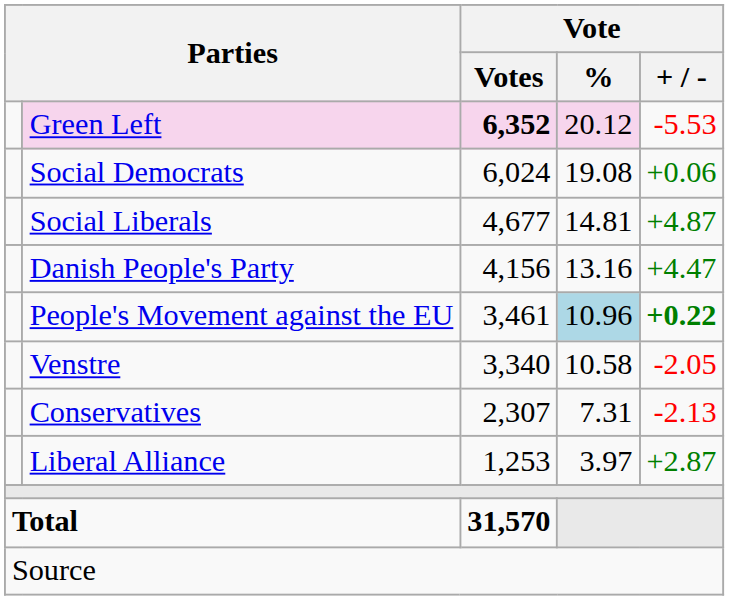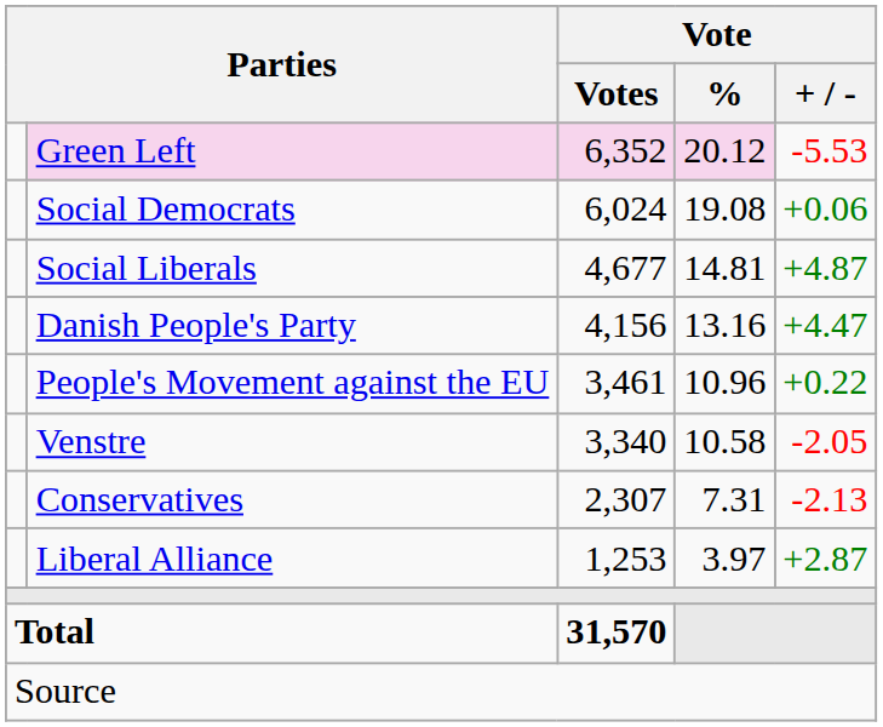 <table class="wikitable" style="text-align:right;">
 <tr>
 <th style="text-align:centre;" rowspan="2" colspan="2" width="225">Parties</th>
 <th colspan="3">Vote</th>
 </tr>
 <tr>
 <th width="15">Votes</th>
 <th width="15">%</th>
 <th width="15">+ / -</th>
 </tr>
 <tr>
 <td width="2" style="color:inherit;background:"></td>
 <td bgcolor=#f7d5ed   align="left"><a href='#'>Green Left</a></td>
-<td bgcolor=#f7d5ed><strong>6,352</strong></td>
+<td bgcolor=#f7d5ed>6,352</td>
 <td bgcolor=#f7d5ed>20.12</td>
 <td style=color:red;>-5.53</td>
 </tr>
 <tr>
 <td width="2" style="color:inherit;background:"></td>
 <td align="left"><a href='#'>Social Democrats</a></td>
 <td>6,024</td>
 <td>19.08</td>
 <td style=color:green;>+0.06</td>
 </tr>
 <tr>
 <td width="2" style="color:inherit;background:"></td>
 <td align="left"><a href='#'>Social Liberals</a></td>
 <td>4,677</td>
 <td>14.81</td>
 <td style=color:green;>+4.87</td>
 </tr>
 <tr>
 <td width="2" style="color:inherit;background:"></td>
 <td align="left"><a href='#'>Danish People's Party</a></td>
 <td>4,156</td>
 <td>13.16</td>
 <td style=color:green;>+4.47</td>
 </tr>
 <tr>
 <td width="2" style="color:inherit;background:"></td>
 <td align="left"><a href='#'>People's Movement against the EU</a></td>
 <td>3,461</td>
-<td style="background: lightblue;">10.96</td>
-<td style=color:green;><strong>+0.22</strong></td>
+<td>10.96</td>
+<td style=color:green;>+0.22</td>
 </tr>
 <tr>
 <td width="2" style="color:inherit;background:"></td>
 <td align="left"><a href='#'>Venstre</a></td>
 <td>3,340</td>
 <td>10.58</td>
 <td style=color:red;>-2.05</td>
 </tr>
 <tr>
 <td width="2" style="color:inherit;background:"></td>
 <td align="left"><a href='#'>Conservatives</a></td>
 <td>2,307</td>
 <td>7.31</td>
 <td style=color:red;>-2.13</td>
 </tr>
 <tr>
 <td width="2" style="color:inherit;background:"></td>
 <td align="left"><a href='#'>Liberal Alliance</a></td>
 <td>1,253</td>
 <td>3.97</td>
 <td style=color:green;>+2.87</td>
 </tr>
 <tr>
 <td colspan="7" bgcolor="#E9E9E9"></td>
 </tr>
 <tr>
 <td align="left" colspan="2"><strong>Total</strong></td>
 <td><strong>31,570</strong></td>
 <td bgcolor="#E9E9E9" colspan="2"></td>
 </tr>
 <tr>
 <td align="left" colspan="6">Source</td>
 </tr>
 </table>
